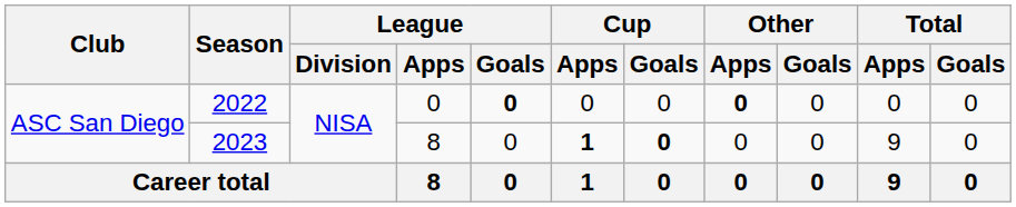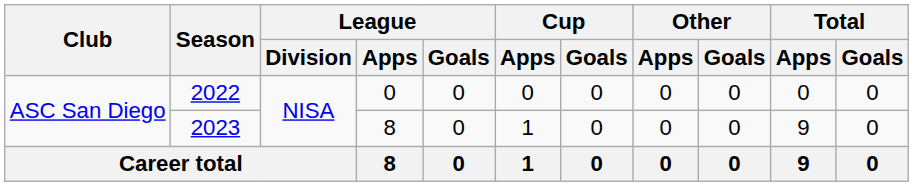 <table class=wikitable style=text-align:center>
 <tr>
 <th rowspan="2">Club</th>
 <th rowspan="2">Season</th>
 <th colspan="3">League</th>
 <th colspan="2">Cup</th>
 <th colspan="2">Other</th>
 <th colspan="2">Total</th>
 </tr>
 <tr>
 <th>Division</th>
 <th>Apps</th>
 <th>Goals</th>
 <th>Apps</th>
 <th>Goals</th>
 <th>Apps</th>
 <th>Goals</th>
 <th>Apps</th>
 <th>Goals</th>
 </tr>
 <tr>
 <td rowspan="2"><a href='#'>ASC San Diego</a></td>
 <td><a href='#'>2022</a></td>
 <td rowspan="2"><a href='#'>NISA</a></td>
 <td>0</td>
-<td><strong>0</strong></td>
 <td>0</td>
 <td>0</td>
-<td><strong>0</strong></td>
+<td>0</td>
+<td>0</td>
 <td>0</td>
 <td>0</td>
 <td>0</td>
 </tr>
 <tr>
 <td><a href='#'>2023</a></td>
 <td>8</td>
 <td>0</td>
-<td><strong>1</strong></td>
-<td><strong>0</strong></td>
+<td>1</td>
+<td>0</td>
 <td>0</td>
 <td>0</td>
 <td>9</td>
 <td>0</td>
 </tr>
 <tr>
 <th colspan="3">Career total</th>
 <th>8</th>
 <th>0</th>
 <th>1</th>
 <th>0</th>
 <th>0</th>
 <th>0</th>
 <th>9</th>
 <th>0</th>
 </tr>
 </table>
